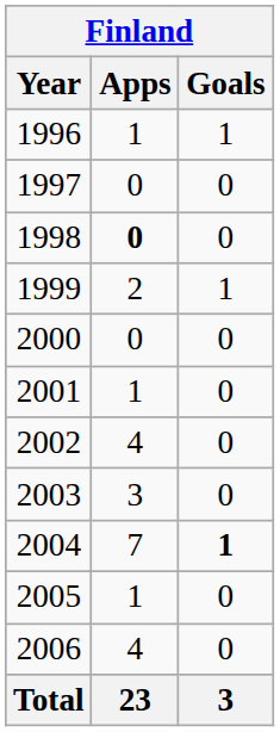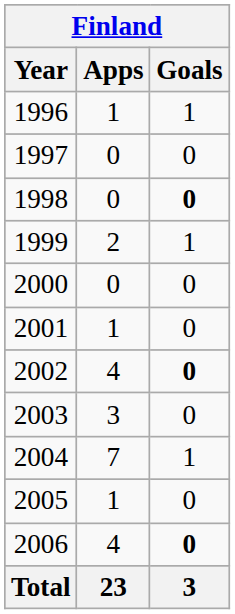 <table class=wikitable style=text-align:center>
 <tr>
 <th colspan=4><a href='#'>Finland</a></th>
 </tr>
 <tr>
 <th>Year</th>
 <th>Apps</th>
 <th>Goals</th>
 </tr>
 <tr>
 <td>1996</td>
 <td>1</td>
 <td>1</td>
 </tr>
 <tr>
 <td>1997</td>
 <td>0</td>
 <td>0</td>
 </tr>
 <tr>
 <td>1998</td>
+<td>0</td>
 <td><strong>0</strong></td>
-<td>0</td>
 </tr>
 <tr>
 <td>1999</td>
 <td>2</td>
 <td>1</td>
 </tr>
 <tr>
 <td>2000</td>
 <td>0</td>
 <td>0</td>
 </tr>
 <tr>
 <td>2001</td>
 <td>1</td>
 <td>0</td>
 </tr>
 <tr>
 <td>2002</td>
 <td>4</td>
-<td>0</td>
+<td><strong>0</strong></td>
 </tr>
 <tr>
 <td>2003</td>
 <td>3</td>
 <td>0</td>
 </tr>
 <tr>
 <td>2004</td>
 <td>7</td>
-<td><strong>1</strong></td>
+<td>1</td>
 </tr>
 <tr>
 <td>2005</td>
 <td>1</td>
 <td>0</td>
 </tr>
 <tr>
 <td>2006</td>
 <td>4</td>
-<td>0</td>
+<td><strong>0</strong></td>
 </tr>
 <tr>
 <th colspan=1>Total</th>
 <th>23</th>
 <th>3</th>
 </tr>
 </table>
